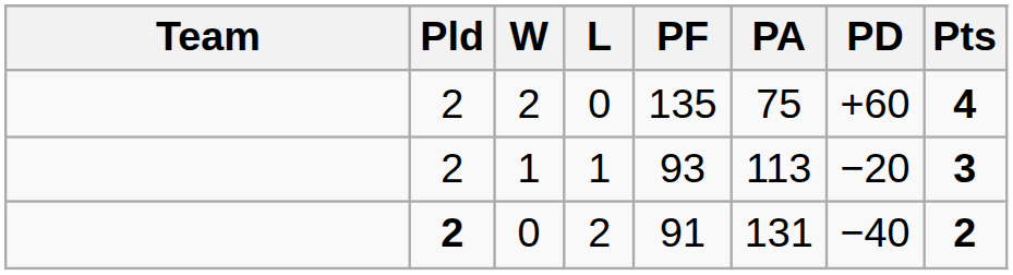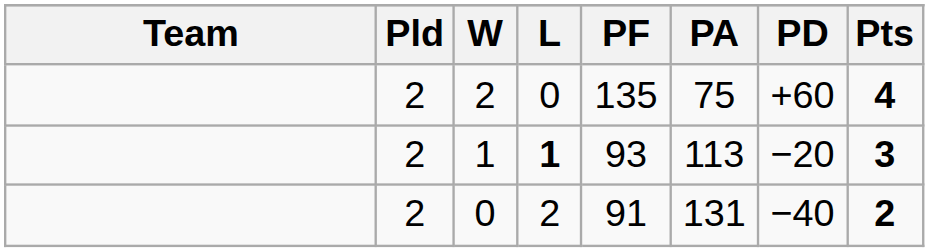 <table class=wikitable>
 <tr align=center>
 </tr>
 <tr>
 <th width=150>Team</th>
 <th width=20>Pld</th>
 <th width=20>W</th>
 <th width=20>L</th>
 <th width=30>PF</th>
 <th width=30>PA</th>
 <th width=30>PD</th>
 <th width=20>Pts</th>
 </tr>
 <tr align=center>
 <td align=left></td>
 <td>2</td>
 <td>2</td>
 <td>0</td>
 <td>135</td>
 <td>75</td>
 <td>+60</td>
 <td><strong>4</strong></td>
 </tr>
 <tr align=center>
 <td align=left></td>
 <td>2</td>
 <td>1</td>
-<td>1</td>
+<td><strong>1</strong></td>
 <td>93</td>
 <td>113</td>
 <td>−20</td>
 <td><strong>3</strong></td>
 </tr>
 <tr align=center>
 <td align=left></td>
-<td><strong>2</strong></td>
+<td>2</td>
 <td>0</td>
 <td>2</td>
 <td>91</td>
 <td>131</td>
 <td>−40</td>
 <td><strong>2</strong></td>
 </tr>
 </table>
